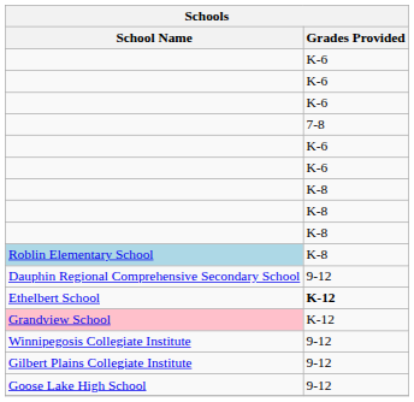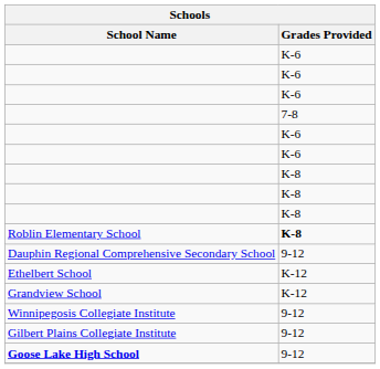 <table class="wikitable">
 <tr>
 <th colspan=3>Schools</th>
 </tr>
 <tr>
 <th>School Name</th>
 <th>Grades Provided</th>
 </tr>
 <tr>
 <td></td>
 <td>K-6</td>
 </tr>
 <tr>
 <td></td>
 <td>K-6</td>
 </tr>
 <tr>
 <td></td>
 <td>K-6</td>
 </tr>
 <tr>
 <td></td>
 <td>7-8</td>
 </tr>
 <tr>
 <td></td>
 <td>K-6</td>
 </tr>
 <tr>
 <td></td>
 <td>K-6</td>
 </tr>
 <tr>
 <td></td>
 <td>K-8</td>
 </tr>
 <tr>
 <td></td>
 <td>K-8</td>
 </tr>
 <tr>
 <td></td>
 <td>K-8</td>
 </tr>
 <tr>
-<td style="background: lightblue;"><a href='#'>Roblin Elementary School</a></td>
-<td>K-8</td>
+<td><a href='#'>Roblin Elementary School</a></td>
+<td><strong>K-8</strong></td>
 </tr>
 <tr>
 <td><a href='#'>Dauphin Regional Comprehensive Secondary School</a></td>
 <td>9-12</td>
 </tr>
 <tr>
 <td><a href='#'>Ethelbert School</a></td>
-<td><strong>K-12</strong></td>
+<td>K-12</td>
 </tr>
 <tr>
-<td style="background: pink;"><a href='#'>Grandview School</a></td>
+<td><a href='#'>Grandview School</a></td>
 <td>K-12</td>
 </tr>
 <tr>
 <td><a href='#'>Winnipegosis Collegiate Institute</a></td>
 <td>9-12</td>
 </tr>
 <tr>
 <td><a href='#'>Gilbert Plains Collegiate Institute</a></td>
 <td>9-12</td>
 </tr>
 <tr>
-<td><a href='#'>Goose Lake High School</a></td>
+<td><strong><a href='#'>Goose Lake High School</a></strong></td>
 <td>9-12</td>
 </tr>
 <tr>
 </tr>
 </table>
